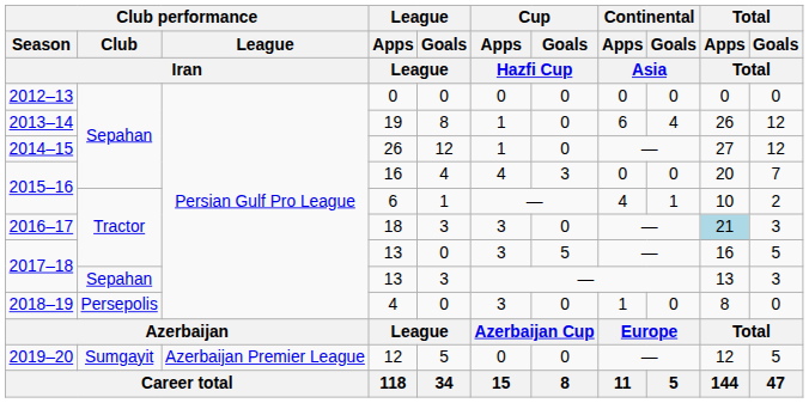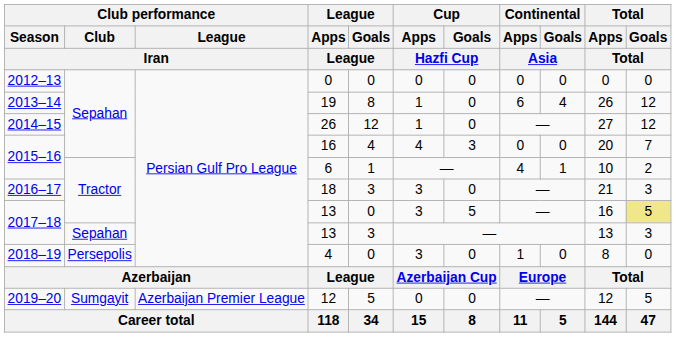 <table class="wikitable" style="text-align: center;">
 <tr>
 <th colspan="3">Club performance</th>
 <th colspan="2">League</th>
 <th colspan="2">Cup</th>
 <th colspan="2">Continental</th>
 <th colspan="2">Total</th>
 </tr>
 <tr>
 <th>Season</th>
 <th>Club</th>
 <th>League</th>
 <th>Apps</th>
 <th>Goals</th>
 <th>Apps</th>
 <th>Goals</th>
 <th>Apps</th>
 <th>Goals</th>
 <th>Apps</th>
 <th>Goals</th>
 </tr>
 <tr>
 <th colspan="3">Iran</th>
 <th colspan="2">League</th>
 <th colspan="2"><a href='#'>Hazfi Cup</a></th>
 <th colspan="2"><a href='#'>Asia</a></th>
 <th colspan="2">Total</th>
 </tr>
 <tr>
 <td><a href='#'>2012–13</a></td>
 <td rowspan="4"><a href='#'>Sepahan</a></td>
 <td rowspan="9"><a href='#'>Persian Gulf Pro League</a></td>
 <td>0</td>
 <td>0</td>
 <td>0</td>
 <td>0</td>
 <td>0</td>
 <td>0</td>
 <td>0</td>
 <td>0</td>
 </tr>
 <tr>
 <td><a href='#'>2013–14</a></td>
 <td>19</td>
 <td>8</td>
 <td>1</td>
 <td>0</td>
 <td>6</td>
 <td>4</td>
 <td>26</td>
 <td>12</td>
 </tr>
 <tr>
 <td><a href='#'>2014–15</a></td>
 <td>26</td>
 <td>12</td>
 <td>1</td>
 <td>0</td>
 <td colspan=2>—</td>
 <td>27</td>
 <td>12</td>
 </tr>
 <tr>
 <td rowspan="2"><a href='#'>2015–16</a></td>
 <td>16</td>
 <td>4</td>
 <td>4</td>
 <td>3</td>
 <td>0</td>
 <td>0</td>
 <td>20</td>
 <td>7</td>
 </tr>
 <tr>
 <td rowspan="3"><a href='#'>Tractor</a></td>
 <td>6</td>
 <td>1</td>
 <td colspan=2>—</td>
 <td>4</td>
 <td>1</td>
 <td>10</td>
 <td>2</td>
 </tr>
 <tr>
 <td><a href='#'>2016–17</a></td>
 <td>18</td>
 <td>3</td>
 <td>3</td>
 <td>0</td>
 <td colspan=2>—</td>
-<td style="background: lightblue;">21</td>
+<td>21</td>
 <td>3</td>
 </tr>
 <tr>
 <td rowspan="2"><a href='#'>2017–18</a></td>
 <td>13</td>
 <td>0</td>
 <td>3</td>
 <td>5</td>
 <td colspan=2>—</td>
 <td>16</td>
-<td>5</td>
+<td style="background: khaki;">5</td>
 </tr>
 <tr>
 <td><a href='#'>Sepahan</a></td>
 <td>13</td>
 <td>3</td>
 <td colspan=4>—</td>
 <td>13</td>
 <td>3</td>
 </tr>
 <tr>
 <td><a href='#'>2018–19</a></td>
 <td><a href='#'>Persepolis</a></td>
 <td>4</td>
 <td>0</td>
 <td>3</td>
 <td>0</td>
 <td>1</td>
 <td>0</td>
 <td>8</td>
 <td>0</td>
 </tr>
 <tr>
 <th colspan="3">Azerbaijan</th>
 <th colspan="2">League</th>
 <th colspan="2"><a href='#'>Azerbaijan Cup</a></th>
 <th colspan="2"><a href='#'>Europe</a></th>
 <th colspan="2">Total</th>
 </tr>
 <tr>
 <td><a href='#'>2019–20</a></td>
 <td><a href='#'>Sumgayit</a></td>
 <td><a href='#'>Azerbaijan Premier League</a></td>
 <td>12</td>
 <td>5</td>
 <td>0</td>
 <td>0</td>
 <td colspan=2>—</td>
 <td>12</td>
 <td>5</td>
 </tr>
 <tr>
 <th colspan="3">Career total</th>
 <th>118</th>
 <th>34</th>
 <th>15</th>
 <th>8</th>
 <th>11</th>
 <th>5</th>
 <th>144</th>
 <th>47</th>
 </tr>
 </table>
